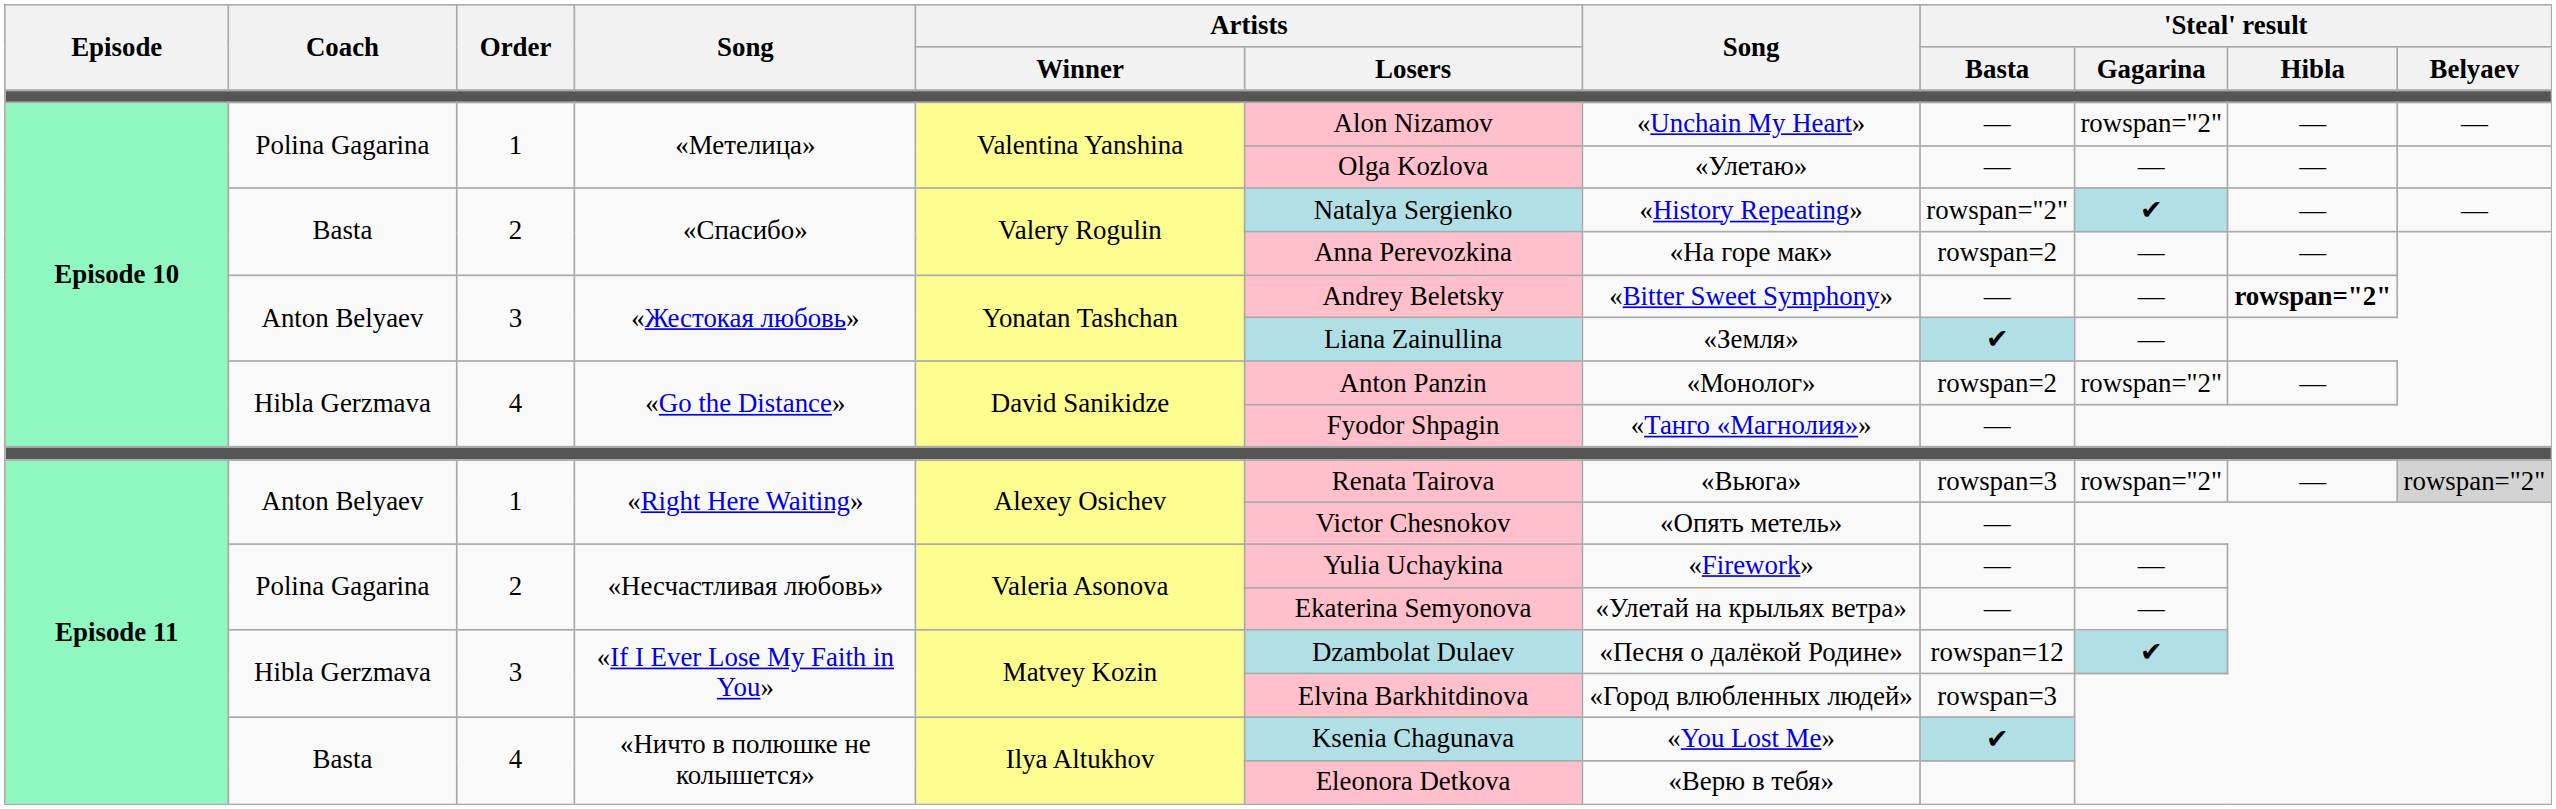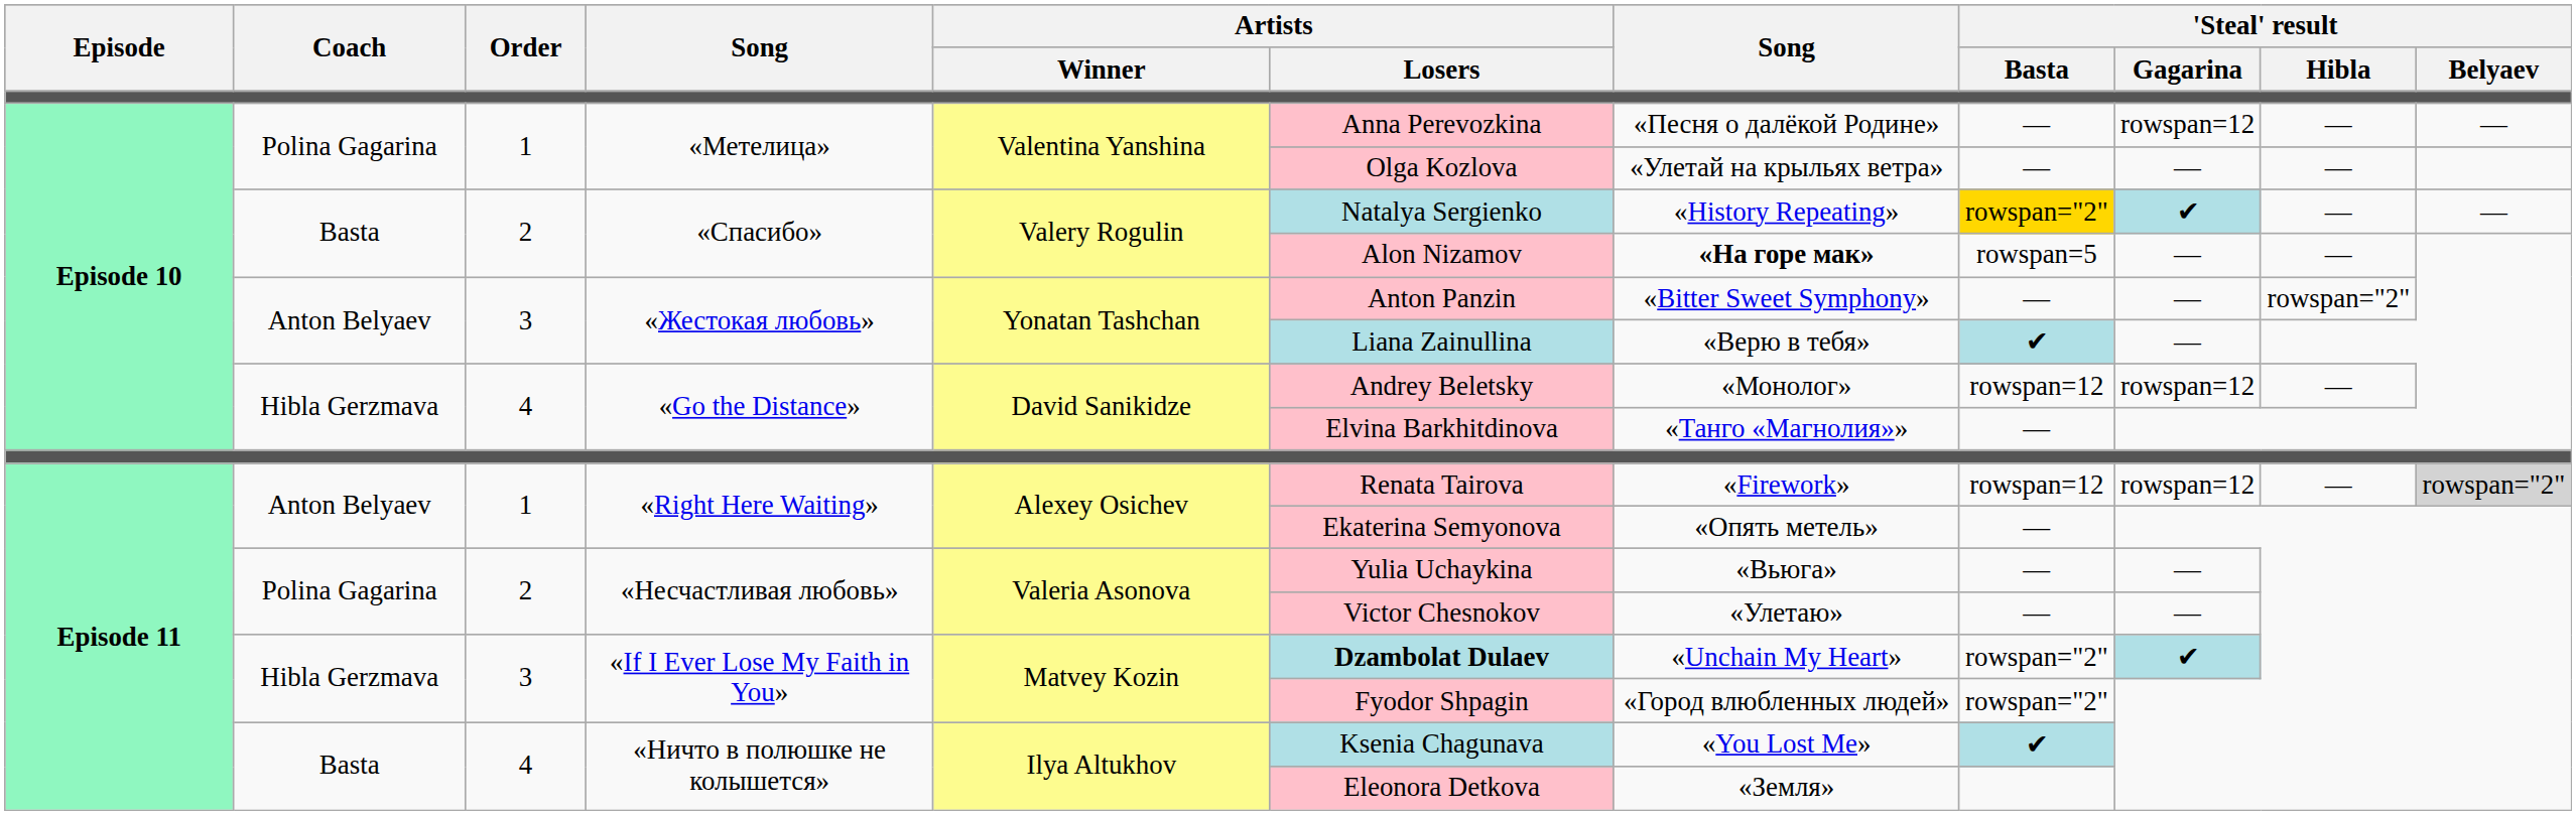 <table class="wikitable" style="text-align: center; width:120%;">
 <tr>
 <th rowspan=2 width="10%">Episode</th>
 <th rowspan=2 width="10%">Coach</th>
 <th rowspan=2 width="5%">Order</th>
 <th rowspan=2 width="15%">Song</th>
 <th colspan=2 width="30%">Artists</th>
 <th rowspan=2 width="15%">Song</th>
 <th colspan="4" style="width:20%;">'Steal' result</th>
 </tr>
 <tr>
 <th width="15%">Winner</th>
 <th width="15%">Losers</th>
 <th style="width:05%;">Basta</th>
 <th style="width:05%;">Gagarina</th>
 <th style="width:05%;">Hibla</th>
 <th style="width:05%;">Belyaev</th>
 </tr>
 <tr>
 <td colspan="11" style="background:#555;"></td>
 </tr>
 <tr>
 <th rowspan=8 style="background:#8ff7c0;">Episode 10 <br><small> </small></th>
 <td rowspan=2>Polina Gagarina</td>
 <td rowspan=2>1</td>
 <td rowspan=2>«Метелица»</td>
 <td rowspan=2 style="background:#fdfc8f;">Valentina Yanshina</td>
-<td style="background:pink">Alon Nizamov</td>
-<td>«<a href='#'>Unchain My Heart</a>»</td>
+<td style="background:pink">Anna Perevozkina</td>
+<td>«Песня о далёкой Родине»</td>
 <td>—</td>
-<td>rowspan="2" </td>
+<td>rowspan=12 </td>
 <td>—</td>
 <td>—</td>
 </tr>
 <tr>
 <td style="background:pink;">Olga Kozlova</td>
-<td>«Улетаю»</td>
+<td>«Улетай на крыльях ветра»</td>
 <td>—</td>
 <td>—</td>
 <td>—</td>
 </tr>
 <tr>
 <td rowspan=2>Basta</td>
 <td rowspan=2>2</td>
 <td rowspan=2>«Спасибо»</td>
 <td rowspan=2 style="background:#fdfc8f;">Valery Rogulin</td>
 <td style="background:#b0e0e6">Natalya Sergienko</td>
 <td>«<a href='#'>History Repeating</a>»</td>
-<td>rowspan="2" </td>
+<td style="background: gold;">rowspan="2" </td>
 <td style="background:#b0e0e6">✔</td>
 <td>—</td>
 <td>—</td>
 </tr>
 <tr>
-<td style="background:pink">Anna Perevozkina</td>
-<td>«На горе мак»</td>
-<td>rowspan=2 </td>
+<td style="background:pink">Alon Nizamov</td>
+<td><strong>«На горе мак»</strong></td>
+<td>rowspan=5 </td>
 <td>—</td>
 <td>—</td>
 </tr>
 <tr>
 <td rowspan=2>Anton Belyaev</td>
 <td rowspan=2>3</td>
 <td rowspan=2>«<a href='#'>Жестокая любовь</a>»</td>
 <td rowspan=2 style="background:#fdfc8f;">Yonatan Tashchan</td>
-<td style="background:pink;">Andrey Beletsky</td>
+<td style="background:pink;">Anton Panzin</td>
 <td>«<a href='#'>Bitter Sweet Symphony</a>»</td>
 <td>—</td>
 <td>—</td>
-<td><strong>rowspan="2" </strong></td>
+<td>rowspan="2" </td>
 </tr>
 <tr>
 <td style="background:#b0e0e6">Liana Zainullina</td>
-<td>«Земля»</td>
+<td>«Верю в тебя»</td>
 <td style="background:#b0e0e6">✔</td>
 <td>—</td>
 </tr>
 <tr>
 <td rowspan=2>Hibla Gerzmava</td>
 <td rowspan=2>4</td>
 <td rowspan=2>«<a href='#'>Go the Distance</a>»</td>
 <td rowspan=2 style="background:#fdfc8f;">David Sanikidze</td>
-<td style="background:pink;">Anton Panzin</td>
+<td style="background:pink;">Andrey Beletsky</td>
 <td>«Монолог»</td>
-<td>rowspan=2 </td>
-<td>rowspan="2" </td>
+<td>rowspan=12 </td>
+<td>rowspan=12 </td>
 <td>—</td>
 </tr>
 <tr>
-<td style="background:pink;">Fyodor Shpagin</td>
+<td style=background:pink;>Elvina Barkhitdinova</td>
 <td>«<a href='#'>Танго «Магнолия»</a>»</td>
 <td>—</td>
 </tr>
 <tr>
 <td colspan=11 style=background:#555;></td>
 </tr>
 <tr>
 <th rowspan=8 style="background:#8ff7c0;">Episode 11 <br> <small></small></th>
 <td rowspan=2>Anton Belyaev</td>
 <td rowspan=2>1</td>
 <td rowspan=2>«<a href='#'>Right Here Waiting</a>»</td>
 <td rowspan=2 style=background:#fdfc8f;>Alexey Osichev</td>
 <td style="background:pink;">Renata Tairova</td>
-<td>«Вьюга»</td>
-<td>rowspan=3 </td>
-<td>rowspan="2" </td>
+<td>«<a href='#'>Firework</a>»</td>
+<td>rowspan=12 </td>
+<td>rowspan=12 </td>
 <td>—</td>
 <td style="background: lightgrey;">rowspan="2" </td>
 </tr>
 <tr>
-<td style=background:pink;>Victor Chesnokov</td>
+<td style=background:pink;>Ekaterina Semyonova</td>
 <td>«Опять метель»</td>
 <td>—</td>
 </tr>
 <tr>
 <td rowspan=2>Polina Gagarina</td>
 <td rowspan=2>2</td>
 <td rowspan=2>«Несчастливая любовь»</td>
 <td rowspan=2 style=background:#fdfc8f;>Valeria Asonova</td>
 <td style=background:pink;>Yulia Uchaykina</td>
-<td>«<a href='#'>Firework</a>»</td>
+<td>«Вьюга»</td>
 <td>—</td>
 <td>—</td>
 </tr>
 <tr>
-<td style=background:pink;>Ekaterina Semyonova</td>
-<td>«Улетай на крыльях ветра»</td>
+<td style=background:pink;>Victor Chesnokov</td>
+<td>«Улетаю»</td>
 <td>—</td>
 <td>—</td>
 </tr>
 <tr>
 <td rowspan=2>Hibla Gerzmava</td>
 <td rowspan=2>3</td>
 <td rowspan=2>«<a href='#'>If I Ever Lose My Faith in You</a>»</td>
 <td rowspan=2 style=background:#fdfc8f;>Matvey Kozin</td>
-<td style=background:#b0e0e6;>Dzambolat Dulaev</td>
-<td>«Песня о далёкой Родине»</td>
-<td>rowspan=12 </td>
+<td style=background:#b0e0e6;><strong>Dzambolat Dulaev</strong></td>
+<td>«<a href='#'>Unchain My Heart</a>»</td>
+<td>rowspan="2" </td>
 <td style="background:#b0e0e6">✔</td>
 </tr>
 <tr>
-<td style=background:pink;>Elvina Barkhitdinova</td>
+<td style="background:pink;">Fyodor Shpagin</td>
 <td>«Город влюбленных людей»</td>
-<td>rowspan=3 </td>
+<td>rowspan="2" </td>
 </tr>
 <tr>
 <td rowspan=2>Basta</td>
 <td rowspan=2>4</td>
 <td rowspan=2>«Ничто в полюшке не колышется»</td>
 <td rowspan=2 style=background:#fdfc8f;>Ilya Altukhov</td>
 <td style="background:#b0e0e6;">Ksenia Chagunava</td>
 <td>«<a href='#'>You Lost Me</a>»</td>
 <td style="background:#b0e0e6">✔</td>
 </tr>
 <tr>
 <td style=background:pink;>Eleonora Detkova</td>
-<td>«Верю в тебя»</td>
+<td>«Земля»</td>
 <td></td>
 </tr>
 </table>
